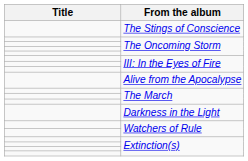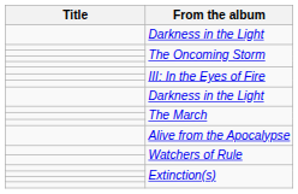 <table class="wikitable" border="1">
 <tr>
 <th width="175">Title</th>
 <th>From the album</th>
 </tr>
 <tr>
 <td></td>
-<td><em><a href='#'>The Stings of Conscience</a></em></td>
+<td><em><a href='#'>Darkness in the Light</a></em></td>
 </tr>
 <tr>
 <td></td>
 <td rowspan="4"><em><a href='#'>The Oncoming Storm</a></em></td>
 </tr>
 <tr>
 <td></td>
 </tr>
 <tr>
 <td></td>
 </tr>
 <tr>
 <td></td>
 </tr>
 <tr>
 <td></td>
 <td rowspan="3"><em><a href='#'>III: In the Eyes of Fire</a></em></td>
 </tr>
 <tr>
 <td></td>
 </tr>
 <tr>
 <td></td>
 </tr>
 <tr>
 <td></td>
-<td><em><a href='#'>Alive from the Apocalypse</a></em></td>
+<td><em><a href='#'>Darkness in the Light</a></em></td>
 </tr>
 <tr>
 <td></td>
 <td rowspan="3"><em><a href='#'>The March</a></em></td>
 </tr>
 <tr>
 <td></td>
 </tr>
 <tr>
 <td></td>
 </tr>
 <tr>
 <td></td>
-<td><em><a href='#'>Darkness in the Light</a></em></td>
+<td><em><a href='#'>Alive from the Apocalypse</a></em></td>
 </tr>
 <tr>
 <td></td>
 <td rowspan="2"><em><a href='#'>Watchers of Rule</a></em></td>
 </tr>
 <tr>
 <td></td>
 </tr>
 <tr>
 <td></td>
 <td rowspan="4"><em><a href='#'>Extinction(s)</a></em></td>
 </tr>
 <tr>
 <td></td>
 </tr>
 <tr>
 <td></td>
 </tr>
 <tr>
 <td></td>
 </tr>
 </table>
